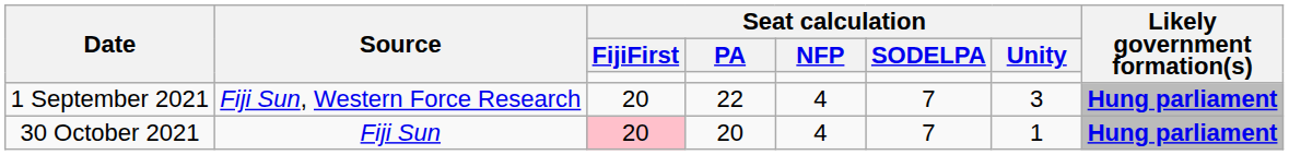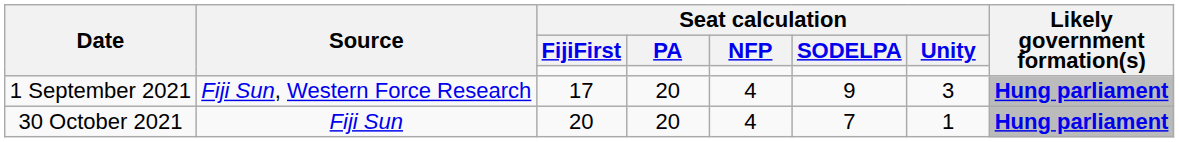 <table class="wikitable mw-datatable" style="text-align:center;font-size:95%;line-height:14px;">
 <tr>
 <th rowspan=3 style="padding:1em;">Date</th>
 <th rowspan=3 style="padding:1em;">Source</th>
 <th colspan=5>Seat calculation</th>
 <th rowspan=3>Likely<br>government<br>formation(s)</th>
 </tr>
 <tr>
 <th style="width:50px;"><a href='#'>FijiFirst</a></th>
 <th style="width:50px;"><a href='#'>PA</a></th>
 <th style="width:50px;"><a href='#'>NFP</a></th>
 <th style="width:50px;"><a href='#'>SODELPA</a></th>
 <th style="width:50px;"><a href='#'>Unity</a></th>
 </tr>
 <tr>
 <td style="background:"></td>
 <td style="background:"></td>
 <td style="background:"></td>
 <td style="background:"></td>
 <td style="background:"></td>
 </tr>
 <tr>
 <td>1 September 2021</td>
 <td><em><a href='#'>Fiji Sun</a></em>, <a href='#'>Western Force Research</a></td>
+<td>17</td>
 <td>20</td>
-<td>22</td>
 <td>4</td>
-<td>7</td>
+<td>9</td>
 <td>3</td>
 <th style="background-color:#bbbbbb;"><strong><a href='#'>Hung parliament</a></strong></th>
 </tr>
 <tr>
 <td>30 October 2021</td>
 <td><em><a href='#'>Fiji Sun</a></em></td>
-<td style="background: pink;">20</td>
+<td>20</td>
 <td>20</td>
 <td>4</td>
 <td>7</td>
 <td>1</td>
 <th style="background-color:#bbbbbb;"><strong><a href='#'>Hung parliament</a></strong></th>
 </tr>
 </table>
